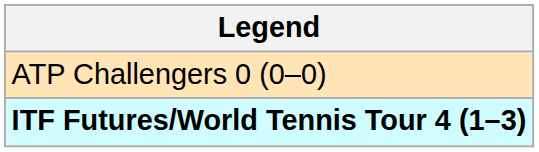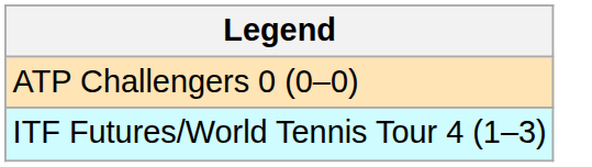 <table class=wikitable style=font-size:97%>
 <tr>
 <th>Legend</th>
 </tr>
 <tr style="background:moccasin;">
 <td>ATP Challengers 0 (0–0)</td>
 </tr>
 <tr style="background:#cffcff;">
-<td><strong>ITF Futures/World Tennis Tour 4 (1–3)</strong></td>
+<td>ITF Futures/World Tennis Tour 4 (1–3)</td>
 </tr>
 </table>
